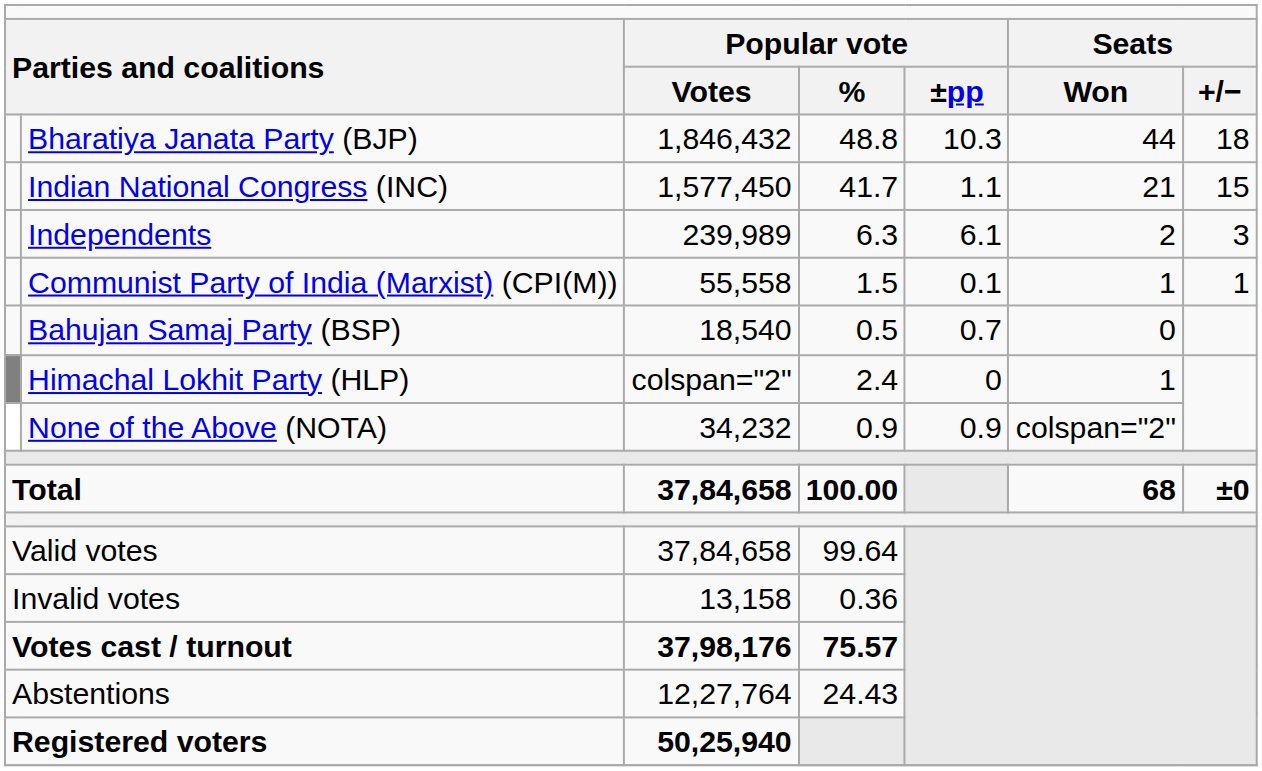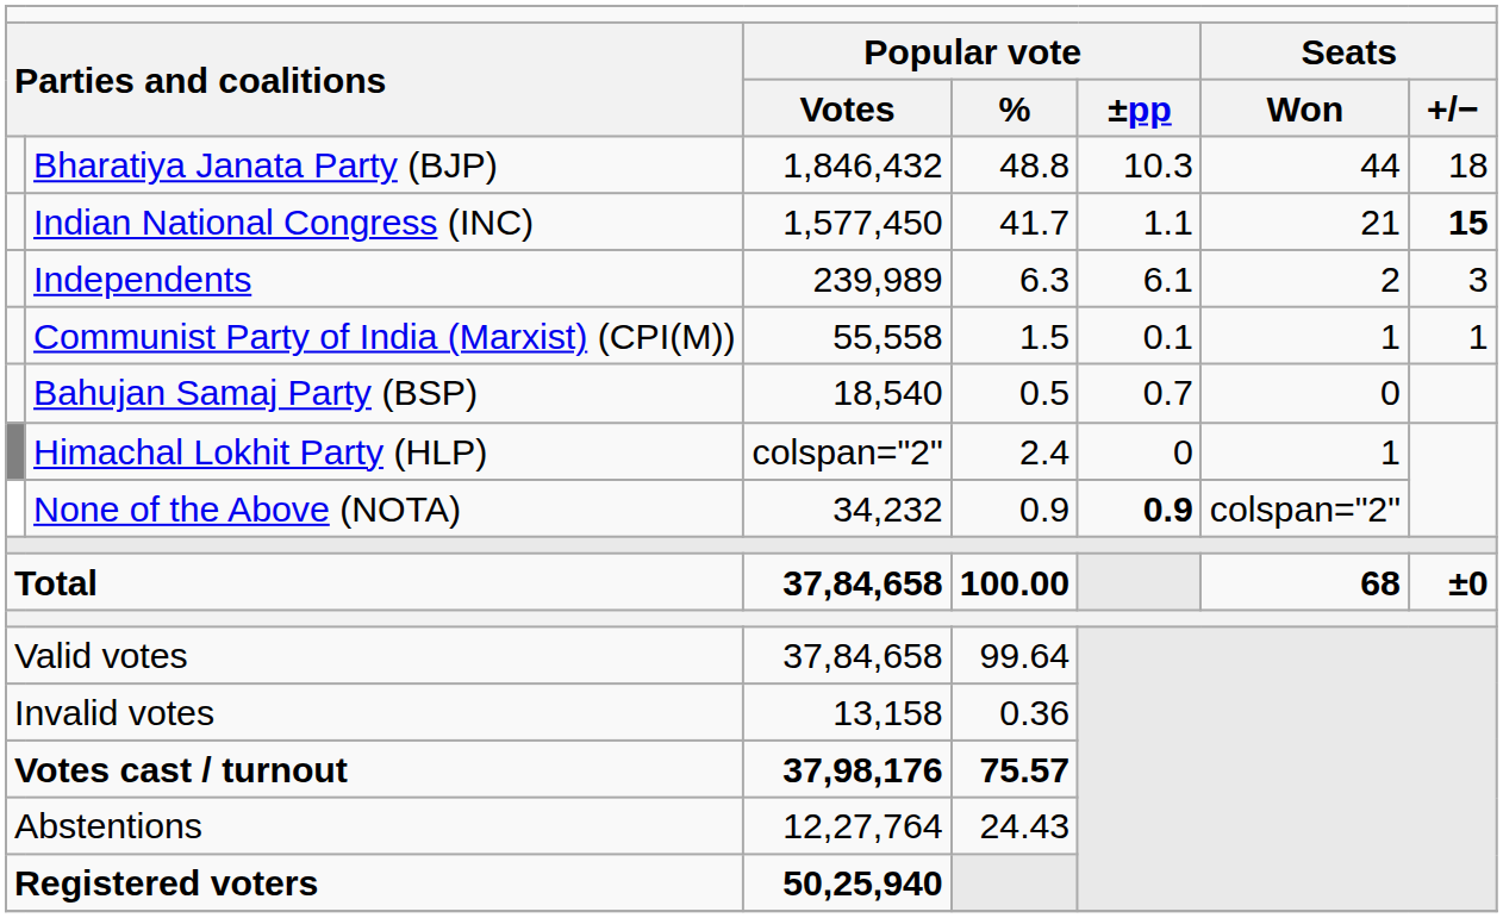 <table class="wikitable" style="text-align:right; font-size:95%;">
 <tr>
 <td colspan="7" style="text-align:center"></td>
 </tr>
 <tr style="background:#e9e9e9; text-align:center;">
 <th rowspan="2" colspan="2" style="text-align:left; width:205px;">Parties and coalitions</th>
 <th colspan="3">Popular vote</th>
 <th colspan="2">Seats</th>
 </tr>
 <tr style="background:#e9e9e9; text-align:center;">
 <th style="width:70px;">Votes</th>
 <th style="width:45px;">%</th>
 <th style="width:45px;">±<a href='#'>pp</a></th>
 <th style="width:30px;">Won</th>
 <th style="width:30px;">+/−</th>
 </tr>
 <tr>
 <td width="1"></td>
 <td style="text-align:left;"><a href='#'>Bharatiya Janata Party</a> (BJP)</td>
 <td>1,846,432</td>
 <td>48.8</td>
 <td>10.3</td>
 <td>44</td>
 <td>18</td>
 </tr>
 <tr>
 <td></td>
 <td style="text-align:left;"><a href='#'>Indian National Congress</a> (INC)</td>
 <td>1,577,450</td>
 <td>41.7</td>
 <td>1.1</td>
 <td>21</td>
-<td>15</td>
+<td><strong>15</strong></td>
 </tr>
 <tr>
 <td></td>
 <td style="text-align:left;"><a href='#'>Independents</a></td>
 <td>239,989</td>
 <td>6.3</td>
 <td>6.1</td>
 <td>2</td>
 <td>3</td>
 </tr>
 <tr>
 <td></td>
 <td style="text-align:left;"><a href='#'>Communist Party of India (Marxist)</a> (CPI(M))</td>
 <td>55,558</td>
 <td>1.5</td>
 <td>0.1</td>
 <td>1</td>
 <td>1</td>
 </tr>
 <tr>
 <td></td>
 <td style="text-align:left;"><a href='#'>Bahujan Samaj Party</a> (BSP)</td>
 <td>18,540</td>
 <td>0.5</td>
 <td>0.7</td>
 <td>0</td>
 <td></td>
 </tr>
 <tr>
 <td style="background:gray;"></td>
 <td style="text-align:left;"><a href='#'>Himachal Lokhit Party</a> (HLP)</td>
 <td>colspan="2" </td>
 <td>2.4</td>
 <td>0</td>
 <td>1</td>
 </tr>
 <tr>
 <td style="background:white;"></td>
 <td style="text-align:left;"><a href='#'>None of the Above</a> (NOTA)</td>
 <td>34,232</td>
 <td>0.9</td>
-<td>0.9</td>
+<td><strong>0.9</strong></td>
 <td>colspan="2" </td>
 </tr>
 <tr>
 <td colspan="7" style="background:#e9e9e9;"></td>
 </tr>
 <tr style="font-weight:bold;">
 <td style="text-align:left;" colspan="2">Total</td>
 <td>37,84,658</td>
 <td>100.00</td>
 <td style="background:#e9e9e9;"></td>
 <td>68</td>
 <td>±0</td>
 </tr>
 <tr>
 <th colspan="7"></th>
 </tr>
 <tr>
 <td style="text-align:left;" colspan="2">Valid votes</td>
 <td align="right">37,84,658</td>
 <td align="right">99.64</td>
 <td colspan="3" rowspan="5" style="background-color:#E9E9E9"></td>
 </tr>
 <tr>
 <td style="text-align:left;" colspan="2">Invalid votes</td>
 <td align="right">13,158</td>
 <td align="right">0.36</td>
 </tr>
 <tr>
 <td style="text-align:left;" colspan="2"><strong>Votes cast / turnout</strong></td>
 <td align="right"><strong>37,98,176</strong></td>
 <td align="right"><strong>75.57</strong></td>
 </tr>
 <tr>
 <td style="text-align:left;" colspan="2">Abstentions</td>
 <td align="right">12,27,764</td>
 <td align="right">24.43</td>
 </tr>
 <tr>
 <td style="text-align:left;" colspan="2"><strong>Registered voters</strong></td>
 <td align="right"><strong>50,25,940</strong></td>
 <td colspan="1" style="background-color:#E9E9E9"></td>
 </tr>
 <tr>
 </tr>
 </table>
